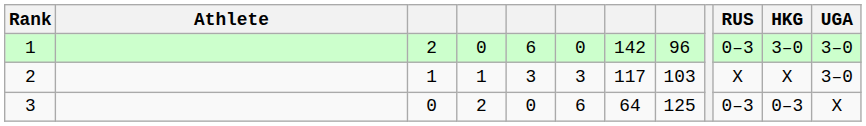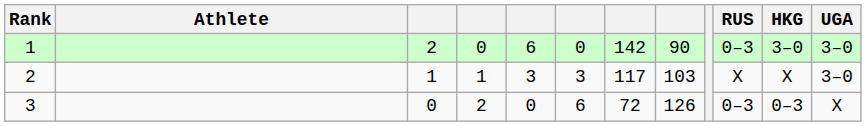 <table class="wikitable" style="text-align:center">
 <tr>
 <th>Rank</th>
 <th width=250>Athlete</th>
 <th width=30></th>
 <th width=30></th>
 <th width=30></th>
 <th width=30></th>
 <th width=30></th>
 <th width=30></th>
 <th rowspan=4></th>
 <th width=30>RUS</th>
 <th width=30>HKG</th>
 <th width=30>UGA</th>
 </tr>
 <tr style="background-color:#ccffcc;">
 <td>1</td>
 <td align=left></td>
 <td>2</td>
 <td>0</td>
 <td>6</td>
 <td>0</td>
 <td>142</td>
-<td>96</td>
+<td>90</td>
 <td>0–3</td>
 <td>3–0</td>
 <td>3–0</td>
 </tr>
 <tr>
 <td>2</td>
 <td align=left></td>
 <td>1</td>
 <td>1</td>
 <td>3</td>
 <td>3</td>
 <td>117</td>
 <td>103</td>
 <td>X</td>
 <td>X</td>
 <td>3–0</td>
 </tr>
 <tr>
 <td>3</td>
 <td align=left></td>
 <td>0</td>
 <td>2</td>
 <td>0</td>
 <td>6</td>
-<td>64</td>
-<td>125</td>
+<td>72</td>
+<td>126</td>
 <td>0–3</td>
 <td>0–3</td>
 <td>X</td>
 </tr>
 </table>
